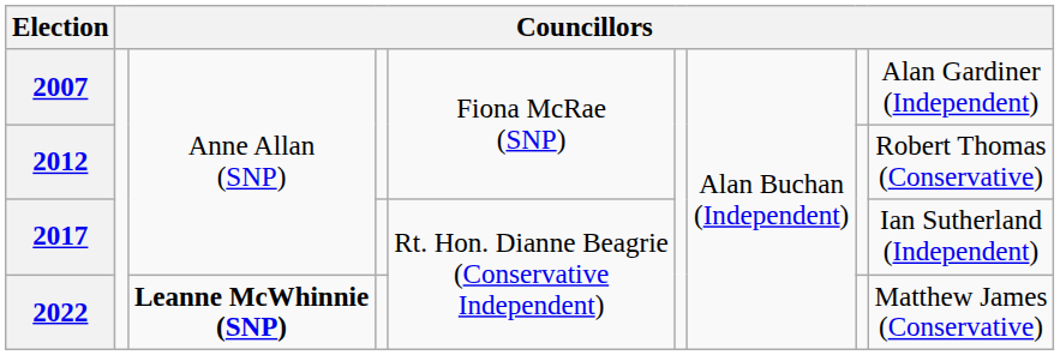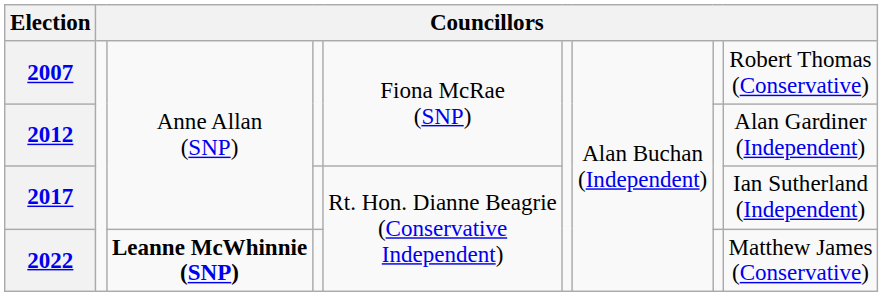 <table class="wikitable" style="text-align:center">
 <tr>
 <th>Election</th>
 <th colspan=8>Councillors</th>
 </tr>
 <tr>
 <th><a href='#'>2007</a></th>
 <td rowspan=4; style="background-color: "></td>
 <td rowspan=3>Anne Allan<br>(<a href='#'>SNP</a>)</td>
 <td rowspan=2; style="background-color: "></td>
 <td rowspan=2>Fiona McRae<br>(<a href='#'>SNP</a>)</td>
 <td rowspan=4; style="background-color: "></td>
 <td rowspan=4>Alan Buchan<br>(<a href='#'>Independent</a>)</td>
 <td rowspan=1; style="background-color: "></td>
-<td rowspan=1>Alan Gardiner<br>(<a href='#'>Independent</a>)</td>
+<td rowspan=1>Robert Thomas<br>(<a href='#'>Conservative</a>)</td>
 </tr>
 <tr>
 <th><a href='#'>2012</a></th>
 <td rowspan=2; style="background-color: "></td>
-<td rowspan=1>Robert Thomas<br>(<a href='#'>Conservative</a>)</td>
+<td rowspan=1>Alan Gardiner<br>(<a href='#'>Independent</a>)</td>
 </tr>
 <tr>
 <th><a href='#'>2017</a></th>
 <td rowspan=1; style="background-color: "></td>
 <td rowspan=2>Rt. Hon. Dianne Beagrie<br>(<a href='#'>Conservative</a><br><a href='#'>Independent</a>)</td>
 <td rowspan=1>Ian Sutherland<br>(<a href='#'>Independent</a>)</td>
 </tr>
 <tr>
 <th><a href='#'>2022</a></th>
 <td rowspan=1><strong>Leanne McWhinnie<br>(<a href='#'>SNP</a>)</strong></td>
 <td rowspan=2; style="background-color: "></td>
 <td rowspan=1; style="background-color: "></td>
 <td rowspan=1>Matthew James<br>(<a href='#'>Conservative</a>)</td>
 </tr>
 </table>
